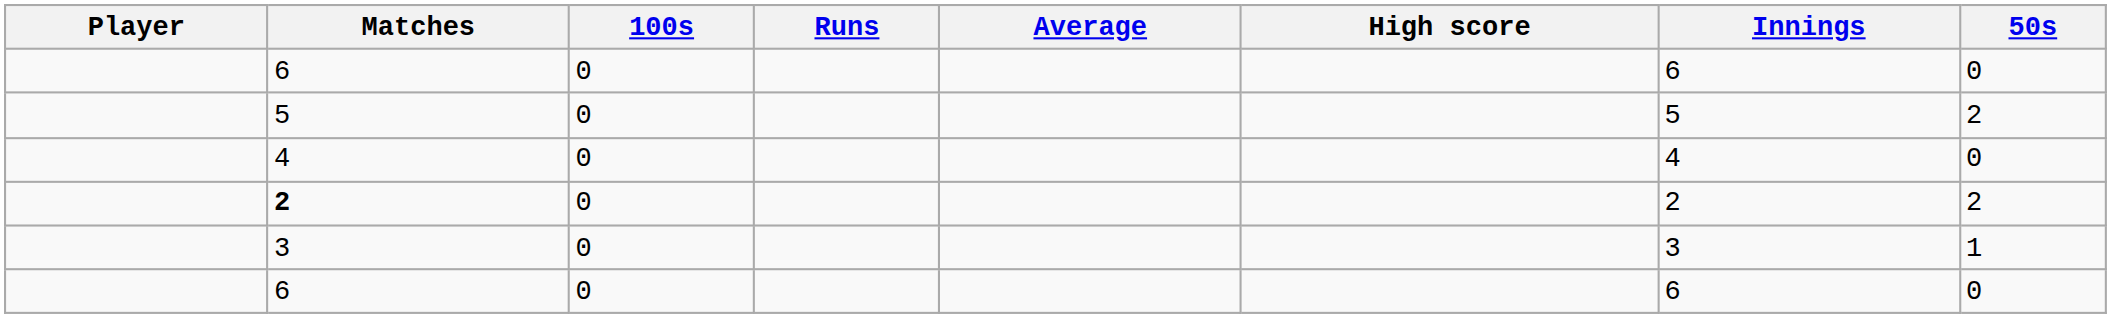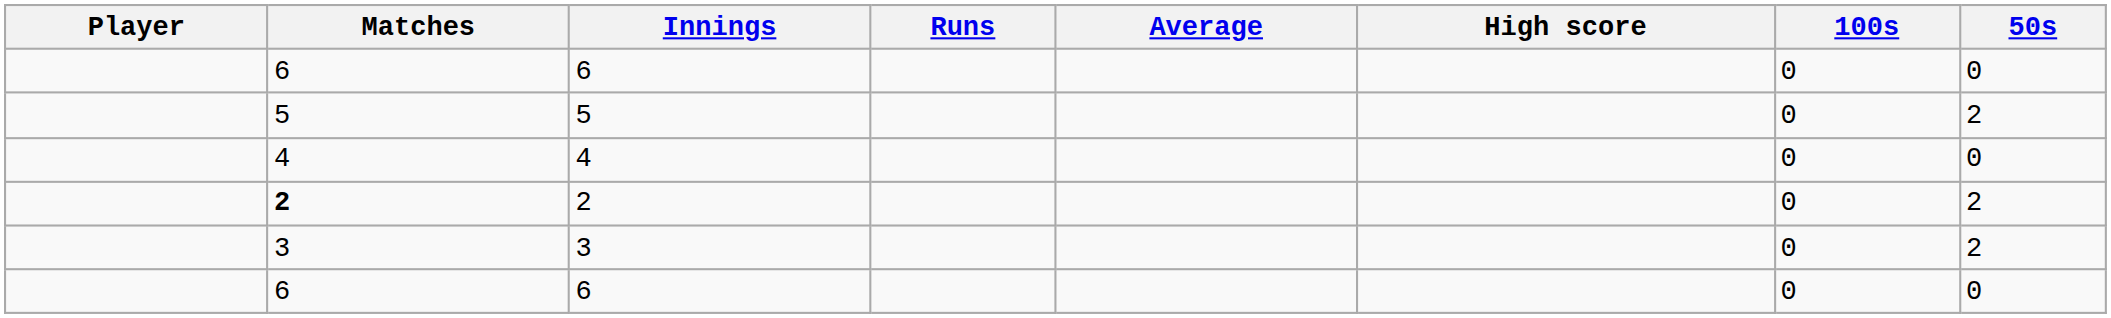 <table class="wikitable sortable" style="width:80%;">
 <tr>
 <th>Player</th>
 <th>Matches</th>
-<th><a href='#'>100s</a></th>
+<th><a href='#'>Innings</a></th>
 <th><a href='#'>Runs</a></th>
 <th><a href='#'>Average</a></th>
 <th>High score</th>
-<th><a href='#'>Innings</a></th>
+<th><a href='#'>100s</a></th>
 <th><a href='#'>50s</a></th>
 </tr>
 <tr>
 <td></td>
 <td>6</td>
-<td>0</td>
+<td>6</td>
 <td></td>
 <td></td>
 <td></td>
-<td>6</td>
+<td>0</td>
 <td>0</td>
 </tr>
 <tr>
 <td></td>
 <td>5</td>
-<td>0</td>
+<td>5</td>
 <td></td>
 <td></td>
 <td></td>
-<td>5</td>
+<td>0</td>
 <td>2</td>
 </tr>
 <tr>
 <td></td>
 <td>4</td>
-<td>0</td>
+<td>4</td>
 <td></td>
 <td></td>
 <td></td>
-<td>4</td>
+<td>0</td>
 <td>0</td>
 </tr>
 <tr>
 <td></td>
 <td><strong>2</strong></td>
-<td>0</td>
+<td>2</td>
 <td></td>
 <td></td>
 <td></td>
-<td>2</td>
+<td>0</td>
 <td>2</td>
 </tr>
 <tr>
 <td></td>
 <td>3</td>
-<td>0</td>
+<td>3</td>
 <td></td>
 <td></td>
 <td></td>
-<td>3</td>
-<td>1</td>
+<td>0</td>
+<td>2</td>
 </tr>
 <tr>
 <td></td>
 <td>6</td>
-<td>0</td>
+<td>6</td>
 <td></td>
 <td></td>
 <td></td>
-<td>6</td>
+<td>0</td>
 <td>0</td>
 </tr>
 </table>
